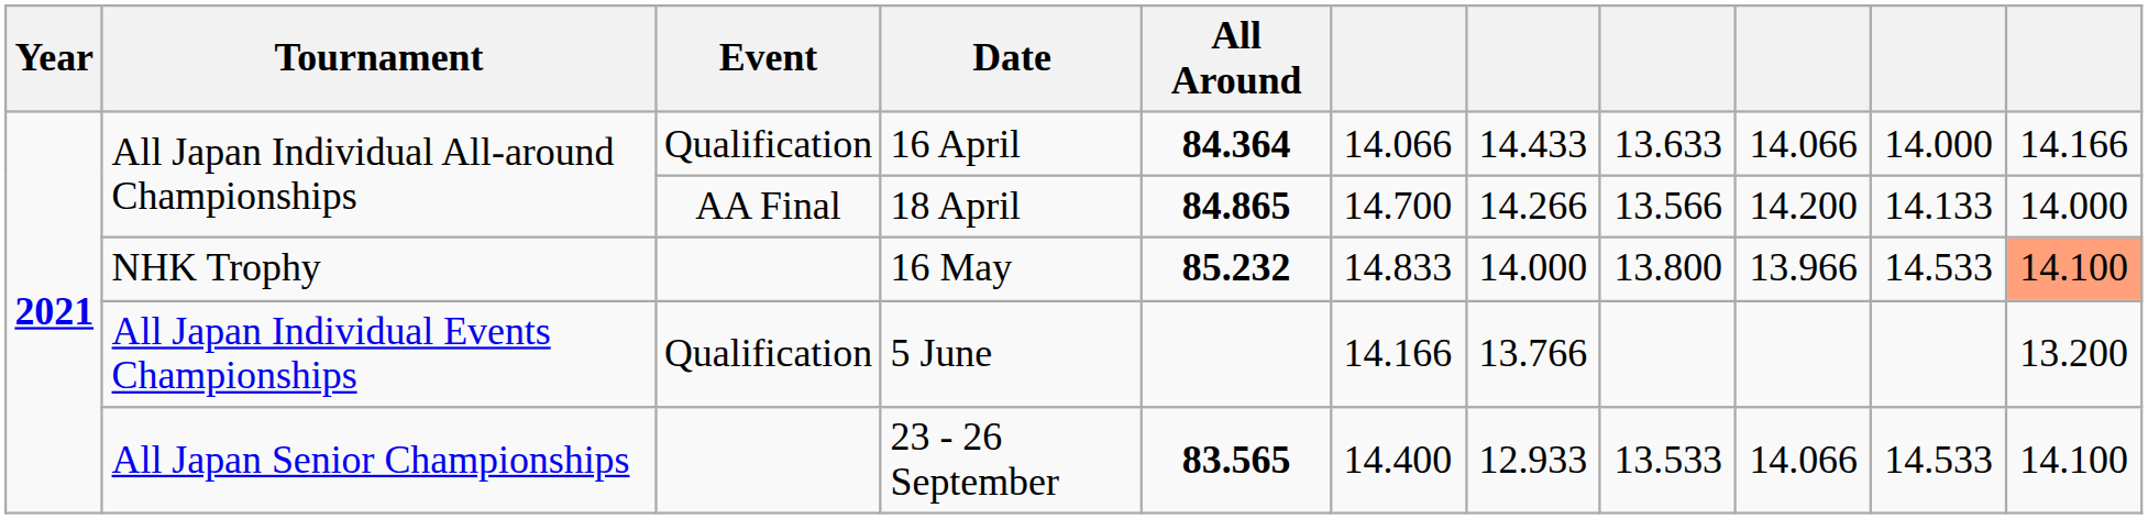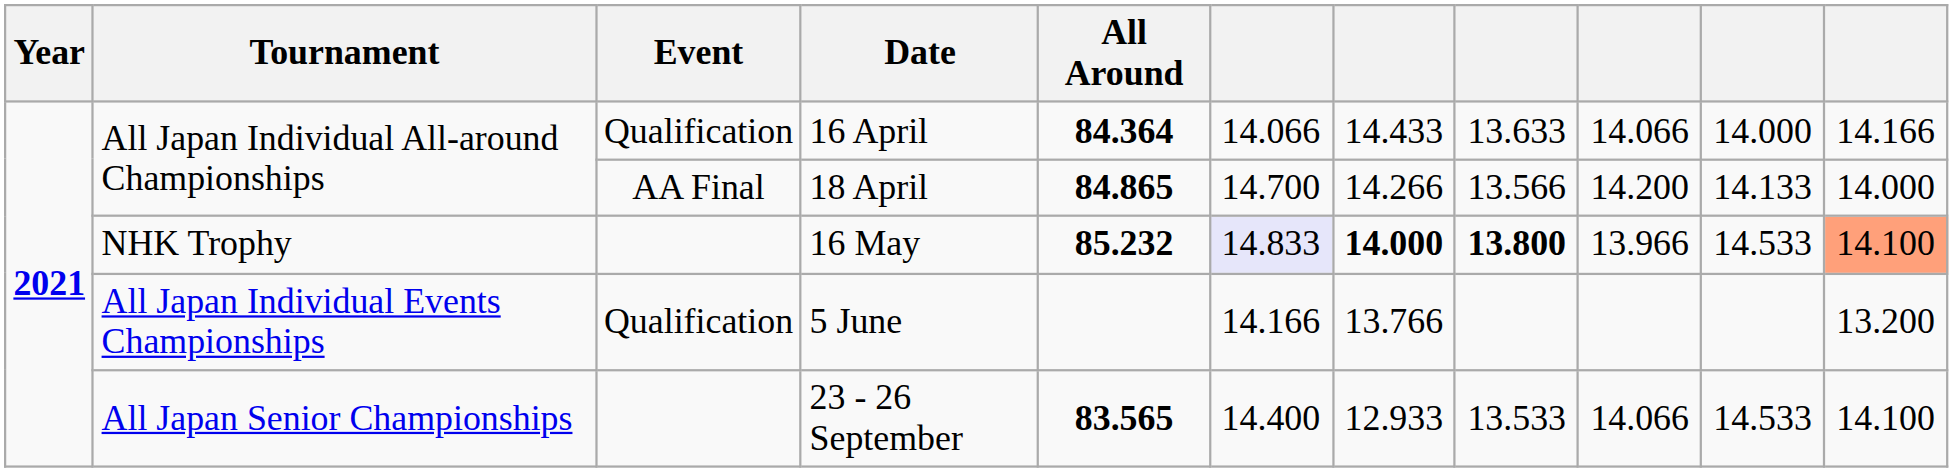 <table class="wikitable sortable" style="text-align:center; font-size:100%">
 <tr>
 <th style="width:20px;" class=unsortable>Year</th>
 <th style="width:300px;" class=unsortable>Tournament</th>
 <th style="width:30px;" class=unsortable>Event</th>
 <th style="width:120px;" class=unsortable>Date</th>
 <th scope="col" style="width:80px;">All Around</th>
 <th scope="col" style="width:50px;"></th>
 <th scope="col" style="width:50px;"></th>
 <th scope="col" style="width:50px;"></th>
 <th scope="col" style="width:50px;"></th>
 <th scope="col" style="width:50px;"></th>
 <th scope="col" style="width:50px;"></th>
 </tr>
 <tr>
 <td rowspan="5"><strong><a href='#'>2021</a></strong></td>
 <td rowspan="2" align=left>All Japan Individual All-around Championships</td>
 <td>Qualification</td>
 <td align=left>16 April</td>
 <td><strong>84.364</strong></td>
 <td>14.066</td>
 <td>14.433</td>
 <td>13.633</td>
 <td>14.066</td>
 <td>14.000</td>
 <td>14.166</td>
 </tr>
 <tr>
 <td>AA Final</td>
 <td align=left>18 April</td>
 <td><strong>84.865</strong></td>
 <td>14.700</td>
 <td>14.266</td>
 <td>13.566</td>
 <td>14.200</td>
 <td>14.133</td>
 <td>14.000</td>
 </tr>
 <tr>
 <td align=left>NHK Trophy</td>
 <td></td>
 <td align=left>16 May</td>
 <td><strong>85.232</strong></td>
-<td>14.833</td>
-<td>14.000</td>
-<td>13.800</td>
+<td style="background: lavender;">14.833</td>
+<td><strong>14.000</strong></td>
+<td><strong>13.800</strong></td>
 <td>13.966</td>
 <td>14.533</td>
 <td style="background: lightsalmon;">14.100</td>
 </tr>
 <tr>
 <td align=left><a href='#'>All Japan Individual Events Championships</a></td>
 <td>Qualification</td>
 <td align=left>5 June</td>
 <td></td>
 <td>14.166</td>
 <td>13.766</td>
 <td></td>
 <td></td>
 <td></td>
 <td>13.200</td>
 </tr>
 <tr>
 <td align=left><a href='#'>All Japan Senior Championships</a></td>
 <td></td>
 <td align=left>23 - 26 September</td>
 <td><strong>83.565</strong></td>
 <td>14.400</td>
 <td>12.933</td>
 <td>13.533</td>
 <td>14.066</td>
 <td>14.533</td>
 <td>14.100</td>
 </tr>
 </table>
